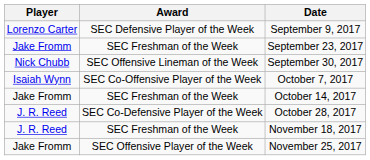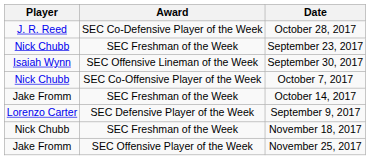 <table class="wikitable sortable sortable" style="text-align: center">
 <tr align=center>
 <th>Player</th>
 <th>Award</th>
 <th>Date</th>
 </tr>
 <tr>
-<td><a href='#'>Lorenzo Carter</a></td>
-<td>SEC Defensive Player of the Week</td>
-<td>September 9, 2017 </td>
+<td><a href='#'>J. R. Reed</a></td>
+<td>SEC Co-Defensive Player of the Week</td>
+<td>October 28, 2017</td>
 </tr>
 <tr>
-<td><a href='#'>Jake Fromm</a></td>
+<td><a href='#'>Nick Chubb</a></td>
 <td>SEC Freshman of the Week</td>
 <td>September 23, 2017</td>
 </tr>
 <tr>
-<td><a href='#'>Nick Chubb</a></td>
+<td><a href='#'>Isaiah Wynn</a></td>
 <td>SEC Offensive Lineman of the Week</td>
 <td>September 30, 2017</td>
 </tr>
 <tr>
-<td><a href='#'>Isaiah Wynn</a></td>
+<td><a href='#'>Nick Chubb</a></td>
 <td>SEC Co-Offensive Player of the Week</td>
 <td>October 7, 2017</td>
 </tr>
 <tr>
 <td>Jake Fromm</td>
 <td>SEC Freshman of the Week</td>
 <td>October 14, 2017</td>
 </tr>
 <tr>
-<td><a href='#'>J. R. Reed</a></td>
-<td>SEC Co-Defensive Player of the Week</td>
-<td>October 28, 2017</td>
+<td><a href='#'>Lorenzo Carter</a></td>
+<td>SEC Defensive Player of the Week</td>
+<td>September 9, 2017 </td>
 </tr>
 <tr>
-<td><a href='#'>J. R. Reed</a></td>
+<td>Nick Chubb</td>
 <td>SEC Freshman of the Week</td>
 <td>November 18, 2017</td>
 </tr>
 <tr>
 <td>Jake Fromm</td>
 <td>SEC Offensive Player of the Week</td>
 <td>November 25, 2017</td>
 </tr>
 </table>
